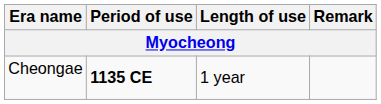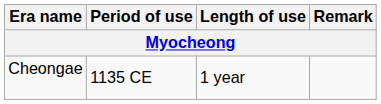 <table class="wikitable">
 <tr>
 <th>Era name</th>
 <th>Period of use</th>
 <th>Length of use</th>
 <th>Remark</th>
 </tr>
 <tr>
 <th colspan="4"><a href='#'>Myocheong</a><br></th>
 </tr>
 <tr>
 <td>Cheongae<br><br></td>
-<td><strong>1135 CE</strong></td>
+<td>1135 CE</td>
 <td>1 year</td>
 <td></td>
 </tr>
 </table>
